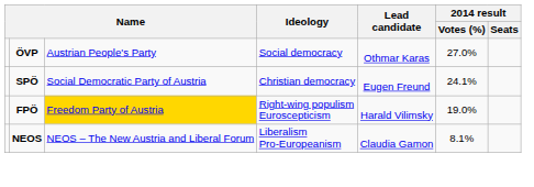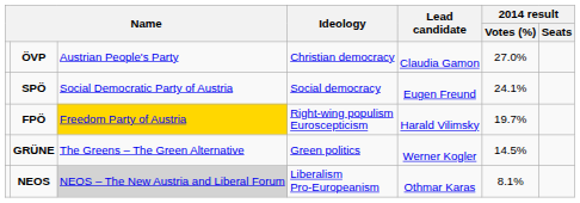 <table class="wikitable">
 <tr>
 <th rowspan="2" colspan="3">Name</th>
 <th rowspan="2">Ideology</th>
 <th rowspan="2">Lead<br>candidate</th>
 <th colspan="2">2014 result</th>
 </tr>
 <tr>
 <th>Votes (%)</th>
 <th>Seats</th>
 </tr>
 <tr>
 <td style="background:"></td>
 <td style="text-align:center;"><strong>ÖVP</strong></td>
 <td><a href='#'>Austrian People's Party</a><br></td>
-<td><a href='#'>Social democracy</a></td>
-<td align=center><br><a href='#'>Othmar Karas</a></td>
+<td><a href='#'>Christian democracy</a></td>
+<td align=center><br><a href='#'>Claudia Gamon</a></td>
 <td style="text-align:center;">27.0%</td>
 <td></td>
 </tr>
 <tr>
 <td style="background:"></td>
 <td style="text-align:center;"><strong>SPÖ</strong></td>
 <td><a href='#'>Social Democratic Party of Austria</a><br></td>
-<td><a href='#'>Christian democracy</a></td>
+<td><a href='#'>Social democracy</a></td>
 <td align=center><br><a href='#'>Eugen Freund</a></td>
 <td style="text-align:center;">24.1%</td>
 <td></td>
 </tr>
 <tr>
 <td style="background:"></td>
 <td style="text-align:center;"><strong>FPÖ</strong></td>
 <td style="background: gold;"><a href='#'>Freedom Party of Austria</a><br></td>
 <td><a href='#'>Right-wing populism</a><br><a href='#'>Euroscepticism</a></td>
 <td align=center><br><a href='#'>Harald Vilimsky</a></td>
-<td style="text-align:center;">19.0%</td>
+<td style="text-align:center;">19.7%</td>
+<td></td>
+</tr>
+<tr>
+<td style="background:"></td>
+<td style="text-align:center;"><strong>GRÜNE</strong></td>
+<td><a href='#'>The Greens – The Green Alternative</a><br></td>
+<td><a href='#'>Green politics</a></td>
+<td align=center><br><a href='#'>Werner Kogler</a></td>
+<td style="text-align:center;">14.5%</td>
 <td></td>
 </tr>
 <tr>
 <td style="background:"></td>
 <td style="text-align:center;"><strong>NEOS</strong></td>
-<td><a href='#'>NEOS – The New Austria and Liberal Forum</a><br></td>
+<td style="background: lightgrey;"><a href='#'>NEOS – The New Austria and Liberal Forum</a><br></td>
 <td><a href='#'>Liberalism</a><br><a href='#'>Pro-Europeanism</a></td>
-<td align=center><br><a href='#'>Claudia Gamon</a></td>
+<td align=center><br><a href='#'>Othmar Karas</a></td>
 <td style="text-align:center;">8.1%</td>
 <td></td>
 </tr>
 </table>
